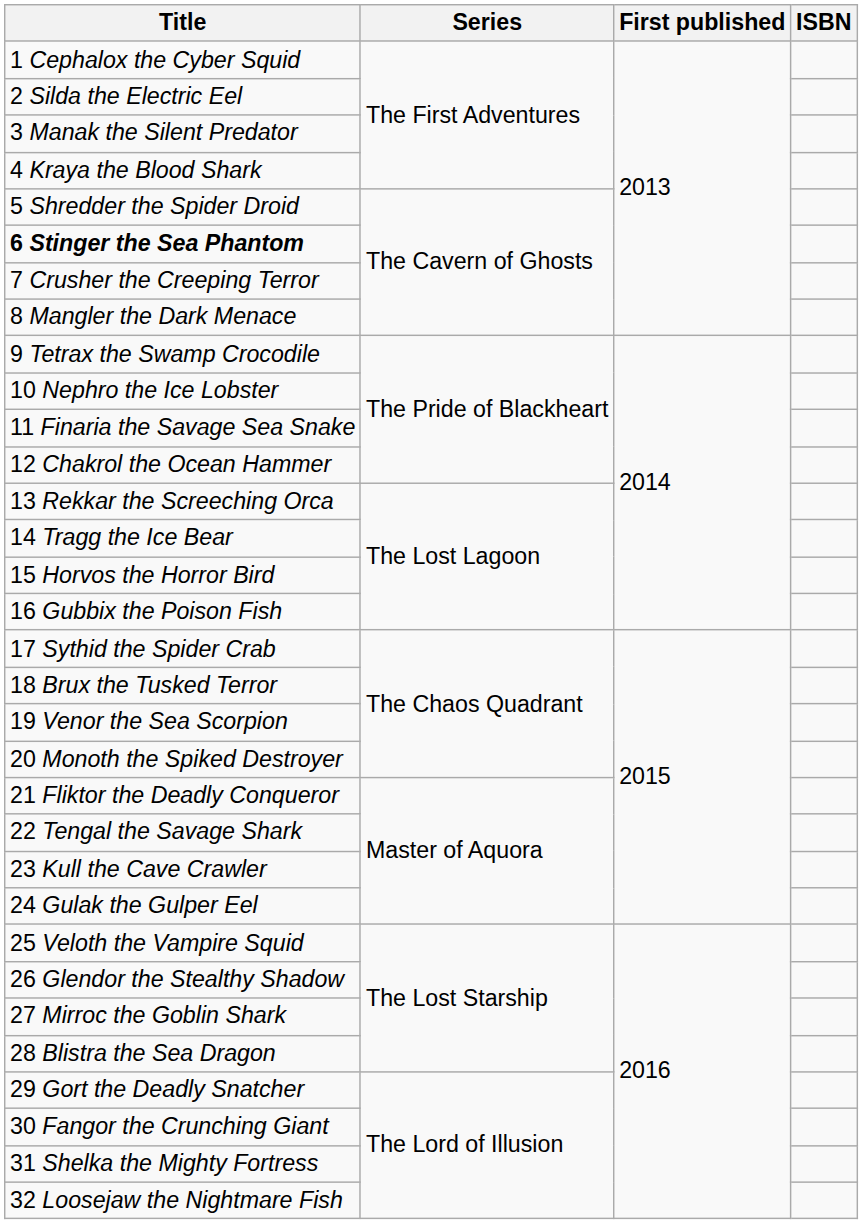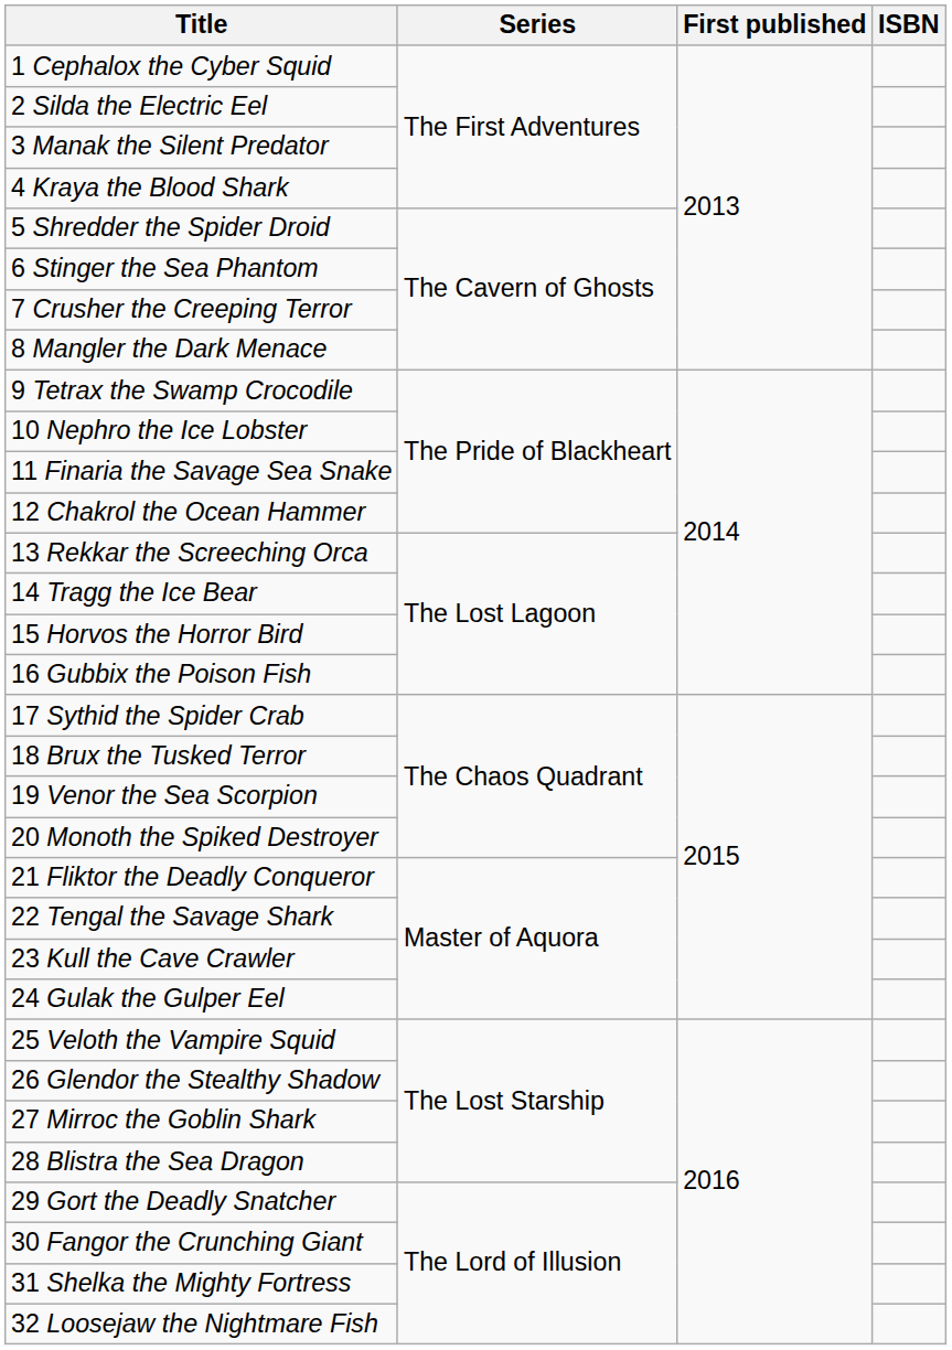 <table class="wikitable sortable nowraplinks">
 <tr>
 <th scope="col">Title</th>
 <th scope="col">Series</th>
 <th scope="col">First published</th>
 <th scope="col">ISBN</th>
 </tr>
 <tr>
 <td>1 <em>Cephalox the Cyber Squid</em></td>
 <td rowspan=4>The First Adventures</td>
 <td rowspan="8">2013</td>
 <td></td>
 </tr>
 <tr>
 <td>2 <em>Silda the Electric Eel</em></td>
 <td></td>
 </tr>
 <tr>
 <td>3 <em>Manak the Silent Predator</em></td>
 <td></td>
 </tr>
 <tr>
 <td>4 <em>Kraya the Blood Shark</em></td>
 <td></td>
 </tr>
 <tr>
 <td>5 <em>Shredder the Spider Droid</em></td>
 <td rowspan=4>The Cavern of Ghosts</td>
 <td></td>
 </tr>
 <tr>
-<td><strong>6 <em>Stinger the Sea Phantom</em></strong></td>
+<td>6 <em>Stinger the Sea Phantom</em></td>
 <td></td>
 </tr>
 <tr>
 <td>7 <em>Crusher the Creeping Terror</em></td>
 <td></td>
 </tr>
 <tr>
 <td>8 <em>Mangler the Dark Menace</em></td>
 <td></td>
 </tr>
 <tr>
 <td>9 <em>Tetrax the Swamp Crocodile</em></td>
 <td rowspan=4>The Pride of Blackheart</td>
 <td rowspan="8">2014</td>
 <td></td>
 </tr>
 <tr>
 <td>10 <em>Nephro the Ice Lobster</em></td>
 <td></td>
 </tr>
 <tr>
 <td>11 <em>Finaria the Savage Sea Snake</em></td>
 <td></td>
 </tr>
 <tr>
 <td>12 <em>Chakrol the Ocean Hammer</em></td>
 <td></td>
 </tr>
 <tr>
 <td>13 <em>Rekkar the Screeching Orca</em></td>
 <td rowspan=4>The Lost Lagoon</td>
 <td></td>
 </tr>
 <tr>
 <td>14 <em>Tragg the Ice Bear</em></td>
 <td></td>
 </tr>
 <tr>
 <td>15 <em>Horvos the Horror Bird</em></td>
 <td></td>
 </tr>
 <tr>
 <td>16 <em>Gubbix the Poison Fish</em></td>
 <td></td>
 </tr>
 <tr>
 <td>17 <em>Sythid the Spider Crab</em></td>
 <td rowspan=4>The Chaos Quadrant</td>
 <td rowspan="8">2015</td>
 <td></td>
 </tr>
 <tr>
 <td>18 <em>Brux the Tusked Terror</em></td>
 <td></td>
 </tr>
 <tr>
 <td>19 <em>Venor the Sea Scorpion</em></td>
 <td></td>
 </tr>
 <tr>
 <td>20 <em>Monoth the Spiked Destroyer</em></td>
 <td></td>
 </tr>
 <tr>
 <td>21 <em>Fliktor the Deadly Conqueror</em></td>
 <td rowspan=4>Master of Aquora</td>
 <td></td>
 </tr>
 <tr>
 <td>22 <em>Tengal the Savage Shark</em></td>
 <td></td>
 </tr>
 <tr>
 <td>23 <em>Kull the Cave Crawler</em></td>
 <td></td>
 </tr>
 <tr>
 <td>24 <em>Gulak the Gulper Eel</em></td>
 <td></td>
 </tr>
 <tr>
 <td>25 <em>Veloth the Vampire Squid</em></td>
 <td rowspan="4">The Lost Starship</td>
 <td rowspan="8">2016</td>
 <td></td>
 </tr>
 <tr>
 <td>26 <em>Glendor the Stealthy Shadow</em></td>
 <td></td>
 </tr>
 <tr>
 <td>27 <em>Mirroc the Goblin Shark</em></td>
 <td></td>
 </tr>
 <tr>
 <td>28 <em>Blistra the Sea Dragon</em></td>
 <td></td>
 </tr>
 <tr>
 <td>29 <em>Gort the Deadly Snatcher</em></td>
 <td rowspan="4">The Lord of Illusion</td>
 <td></td>
 </tr>
 <tr>
 <td>30 <em>Fangor the Crunching Giant</em></td>
 <td></td>
 </tr>
 <tr>
 <td>31 <em>Shelka the Mighty Fortress</em></td>
 <td></td>
 </tr>
 <tr>
 <td>32 <em>Loosejaw the Nightmare Fish</em></td>
 <td></td>
 </tr>
 </table>
